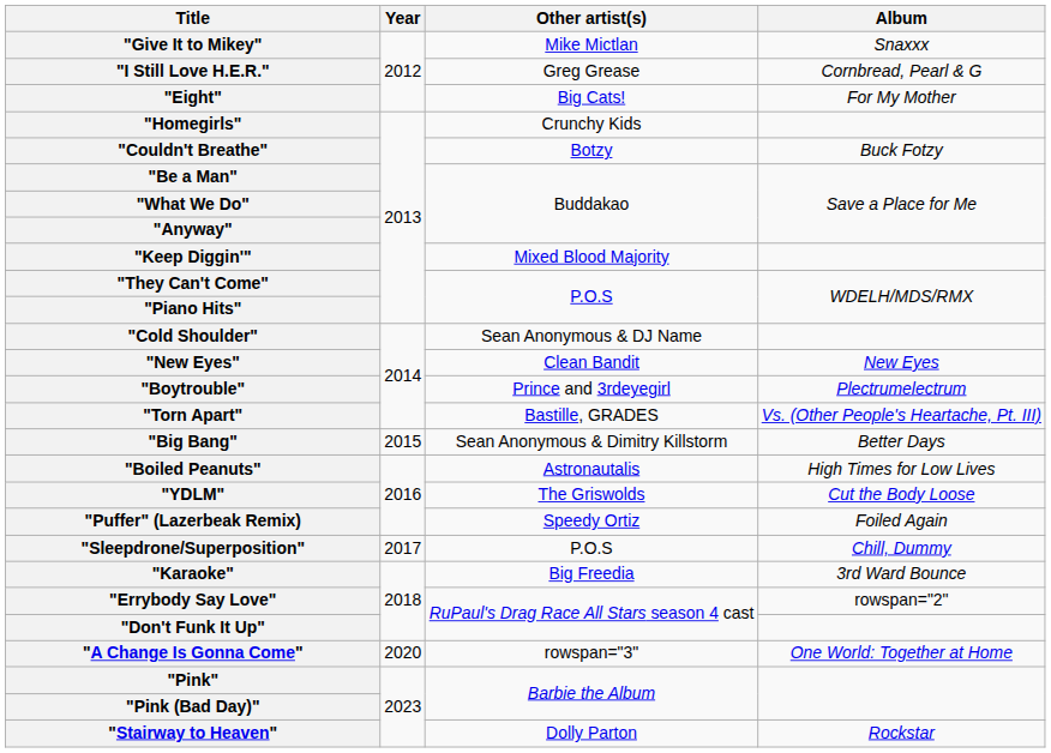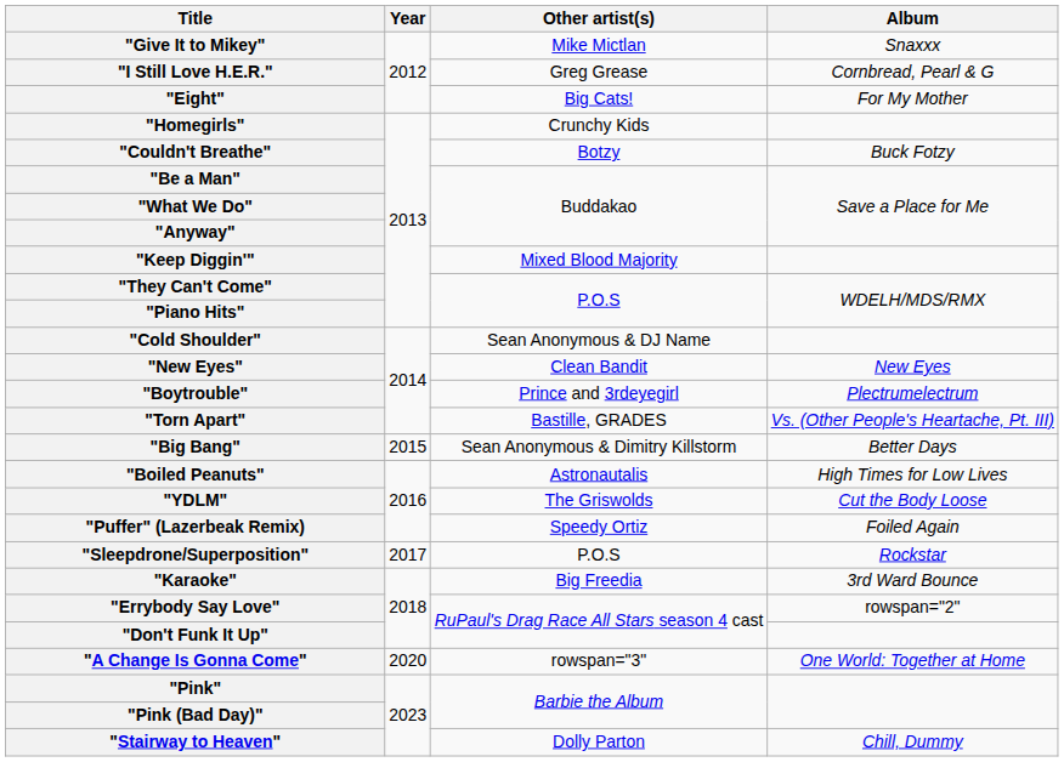 <table class="wikitable plainrowheaders" style="text-align:center;">
 <tr>
 <th scope="col" style="width:22em;">Title</th>
 <th scope="col" style="width:1em;">Year</th>
 <th>Other artist(s)</th>
 <th scope="col">Album</th>
 </tr>
 <tr>
 <th scope="row">"Give It to Mikey"</th>
 <td rowspan="3">2012</td>
 <td><a href='#'>Mike Mictlan</a></td>
 <td><em>Snaxxx</em></td>
 </tr>
 <tr>
 <th scope="row">"I Still Love H.E.R."</th>
 <td>Greg Grease</td>
 <td><em>Cornbread, Pearl & G</em></td>
 </tr>
 <tr>
 <th scope="row">"Eight"</th>
 <td><a href='#'>Big Cats!</a></td>
 <td><em>For My Mother</em></td>
 </tr>
 <tr>
 <th scope="row">"Homegirls"</th>
 <td rowspan="8">2013</td>
 <td>Crunchy Kids</td>
 <td></td>
 </tr>
 <tr>
 <th scope="row">"Couldn't Breathe"</th>
 <td><a href='#'>Botzy</a></td>
 <td><em>Buck Fotzy</em></td>
 </tr>
 <tr>
 <th scope="row">"Be a Man"</th>
 <td rowspan="3">Buddakao</td>
 <td rowspan="3"><em>Save a Place for Me</em></td>
 </tr>
 <tr>
 <th scope="row">"What We Do"</th>
 </tr>
 <tr>
 <th scope="row">"Anyway"</th>
 </tr>
 <tr>
 <th scope="row">"Keep Diggin'"</th>
 <td><a href='#'>Mixed Blood Majority</a></td>
 <td></td>
 </tr>
 <tr>
 <th scope="row">"They Can't Come"</th>
 <td rowspan="2"><a href='#'>P.O.S</a></td>
 <td rowspan="2"><em>WDELH/MDS/RMX</em></td>
 </tr>
 <tr>
 <th scope="row">"Piano Hits"</th>
 </tr>
 <tr>
 <th scope="row">"Cold Shoulder"</th>
 <td rowspan="4">2014</td>
 <td>Sean Anonymous & DJ Name</td>
 <td></td>
 </tr>
 <tr>
 <th scope="row">"New Eyes"</th>
 <td><a href='#'>Clean Bandit</a></td>
 <td><em><a href='#'>New Eyes</a></em></td>
 </tr>
 <tr>
 <th scope="row">"Boytrouble"</th>
 <td><a href='#'>Prince</a> and <a href='#'>3rdeyegirl</a></td>
 <td><em><a href='#'>Plectrumelectrum</a></em></td>
 </tr>
 <tr>
 <th scope="row">"Torn Apart"</th>
 <td><a href='#'>Bastille</a>, GRADES</td>
 <td><em><a href='#'>Vs. (Other People's Heartache, Pt. III)</a></em></td>
 </tr>
 <tr>
 <th scope="row">"Big Bang"</th>
 <td>2015</td>
 <td>Sean Anonymous & Dimitry Killstorm</td>
 <td><em>Better Days</em></td>
 </tr>
 <tr>
 <th scope="row">"Boiled Peanuts"</th>
 <td rowspan="3">2016</td>
 <td><a href='#'>Astronautalis</a></td>
 <td><em>High Times for Low Lives</em></td>
 </tr>
 <tr>
 <th scope="row">"YDLM"</th>
 <td><a href='#'>The Griswolds</a></td>
 <td><em><a href='#'>Cut the Body Loose</a></em></td>
 </tr>
 <tr>
 <th scope="row">"Puffer" (Lazerbeak Remix)</th>
 <td><a href='#'>Speedy Ortiz</a></td>
 <td><em>Foiled Again</em></td>
 </tr>
 <tr>
 <th scope="row">"Sleepdrone/Superposition"</th>
 <td>2017</td>
 <td>P.O.S</td>
-<td><em><a href='#'>Chill, Dummy</a></em></td>
+<td><em><a href='#'>Rockstar</a></em></td>
 </tr>
 <tr>
 <th scope="row">"Karaoke"</th>
 <td rowspan="3">2018</td>
 <td><a href='#'>Big Freedia</a></td>
 <td><em>3rd Ward Bounce</em></td>
 </tr>
 <tr>
 <th scope="row">"Errybody Say Love"</th>
 <td rowspan="2"><a href='#'><em>RuPaul's Drag Race All Stars</em> season 4</a> cast</td>
 <td>rowspan="2" </td>
 </tr>
 <tr>
 <th scope="row">"Don't Funk It Up"</th>
 </tr>
 <tr>
 <th scope="row">"<a href='#'>A Change Is Gonna Come</a>"</th>
 <td>2020</td>
 <td>rowspan="3" </td>
 <td><em><a href='#'>One World: Together at Home</a></em></td>
 </tr>
 <tr>
 <th scope="row">"Pink"</th>
 <td rowspan=3>2023</td>
 <td rowspan=2><em><a href='#'>Barbie the Album</a></em></td>
 </tr>
 <tr>
 <th scope="row">"Pink (Bad Day)"</th>
 </tr>
 <tr>
 <th scope="row">"<a href='#'>Stairway to Heaven</a>"</th>
 <td><a href='#'>Dolly Parton</a></td>
-<td><em><a href='#'>Rockstar</a></em></td>
+<td><em><a href='#'>Chill, Dummy</a></em></td>
 </tr>
 </table>
